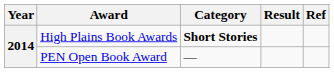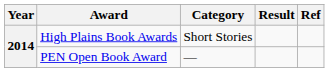 <table class="wikitable sortable">
 <tr>
 <th>Year</th>
 <th>Award</th>
 <th>Category</th>
 <th>Result</th>
 <th>Ref</th>
 </tr>
 <tr>
 <th rowspan="2">2014</th>
 <td><a href='#'>High Plains Book Awards</a></td>
-<td><strong>Short Stories</strong></td>
+<td>Short Stories</td>
 <td></td>
 <td></td>
 </tr>
 <tr>
 <td><a href='#'>PEN Open Book Award</a></td>
 <td>—</td>
 <td></td>
 <td></td>
 </tr>
 </table>
